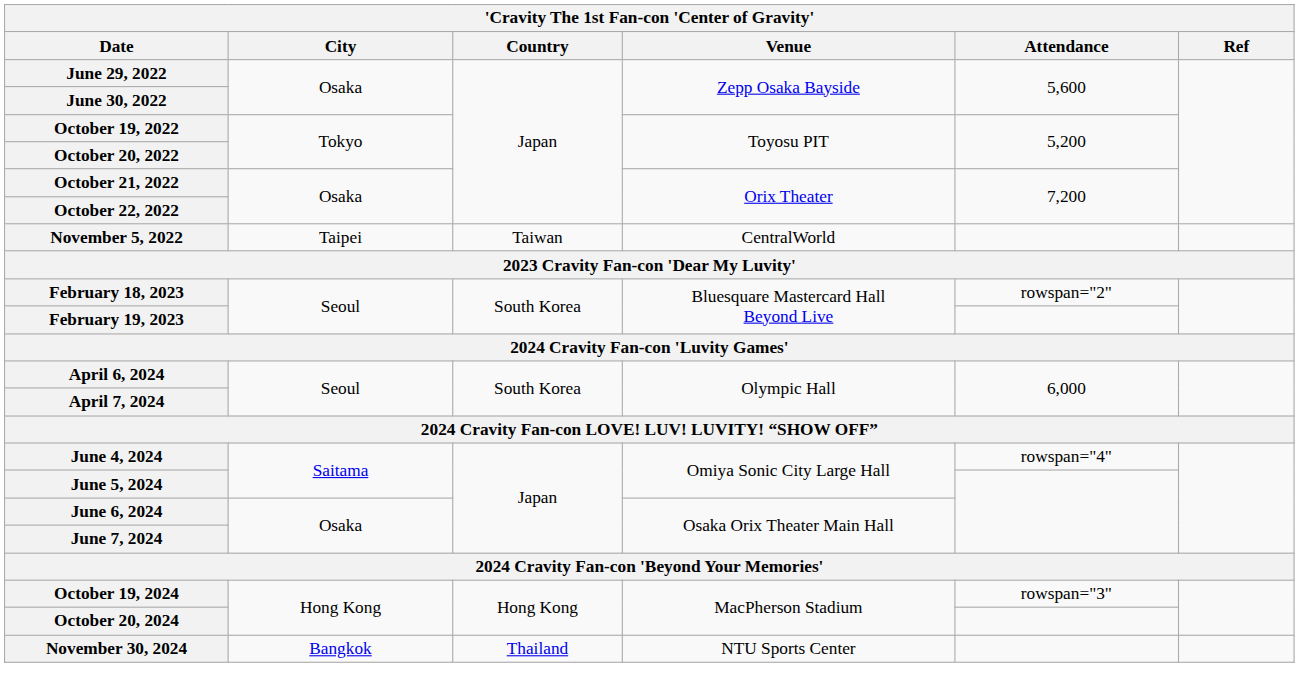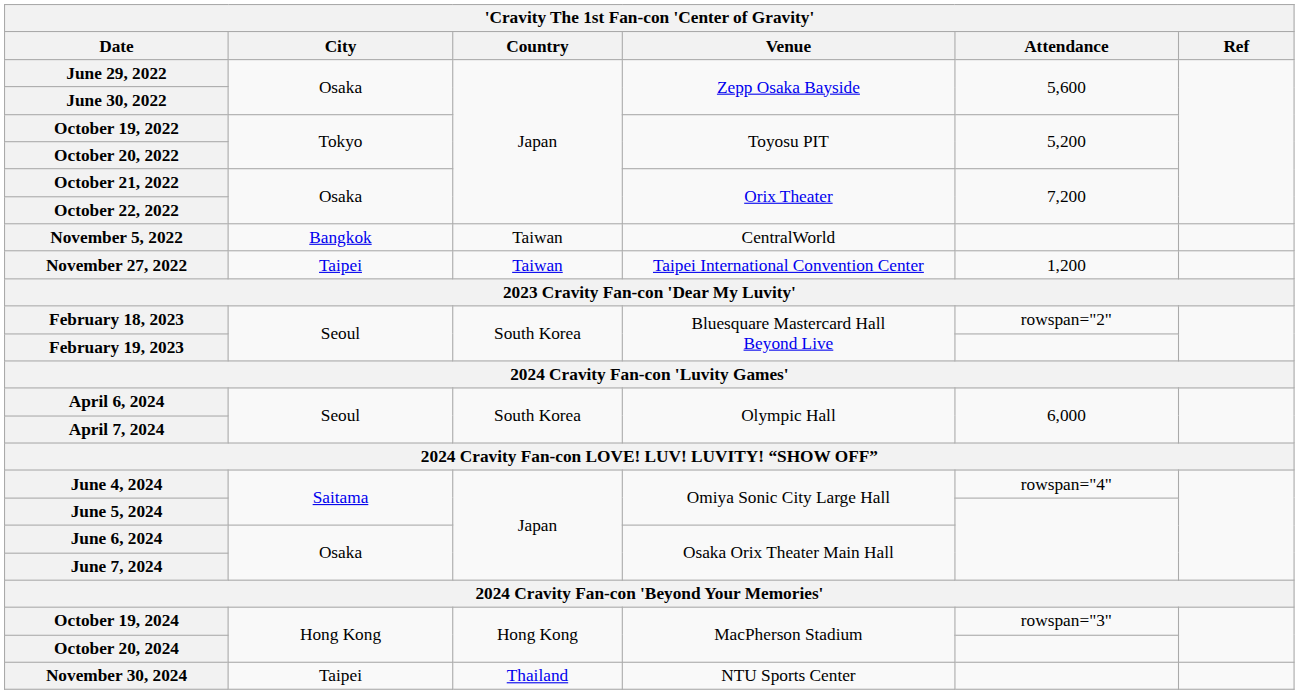 <table class="wikitable plainrowheaders" style="text-align:center">
 <tr>
 <th scope="col" colspan="6">'Cravity The 1st Fan-con 'Center of Gravity'</th>
 </tr>
 <tr>
 <th scope="col" width="200">Date</th>
 <th scope="col" width="200">City</th>
 <th scope="col" width="150">Country</th>
 <th scope="col" width="300">Venue</th>
 <th scope="col" width="200">Attendance</th>
 <th scope="col" width="100">Ref</th>
 </tr>
 <tr>
 <th scope="row" align="left">June 29, 2022</th>
 <td rowspan="2">Osaka</td>
 <td rowspan="6">Japan</td>
 <td rowspan="2"><a href='#'>Zepp Osaka Bayside</a></td>
 <td rowspan="2">5,600</td>
 <td rowspan="6"></td>
 </tr>
 <tr>
 <th scope="row" align="left">June 30, 2022</th>
 </tr>
 <tr>
 <th scope="row" align="left">October 19, 2022</th>
 <td rowspan="2">Tokyo</td>
 <td rowspan="2">Toyosu PIT</td>
 <td rowspan="2">5,200</td>
 </tr>
 <tr>
 <th scope="row" align="left">October 20, 2022</th>
 </tr>
 <tr>
 <th scope="row" align="left">October 21, 2022</th>
 <td rowspan="2">Osaka</td>
 <td rowspan="2"><a href='#'>Orix Theater</a></td>
 <td rowspan="2">7,200</td>
 </tr>
 <tr>
 <th scope="row" align="left">October 22, 2022</th>
 </tr>
 <tr>
 <th scope="row" align="left">November 5, 2022</th>
-<td>Taipei</td>
+<td><a href='#'>Bangkok</a></td>
 <td>Taiwan</td>
 <td>CentralWorld</td>
 <td></td>
+<td></td>
+</tr>
+<tr>
+<th scope="row" align="left">November 27, 2022</th>
+<td><a href='#'>Taipei</a></td>
+<td><a href='#'>Taiwan</a></td>
+<td><a href='#'>Taipei International Convention Center</a></td>
+<td>1,200</td>
 <td></td>
 </tr>
 <tr>
 <th scope="col" colspan="6">2023 Cravity Fan-con 'Dear My Luvity'</th>
 </tr>
 <tr>
 <th scope="row" align="left">February 18, 2023</th>
 <td rowspan="2">Seoul</td>
 <td rowspan="2">South Korea</td>
 <td rowspan="2">Bluesquare Mastercard Hall<br><a href='#'>Beyond Live</a></td>
 <td>rowspan="2" </td>
 <td rowspan="2"></td>
 </tr>
 <tr>
 <th scope="row" align="left">February 19, 2023</th>
 </tr>
 <tr>
 <th scope="col" colspan="6">2024 Cravity Fan-con 'Luvity Games'</th>
 </tr>
 <tr>
 <th scope="row" align="left">April 6, 2024</th>
 <td rowspan="2">Seoul</td>
 <td rowspan="2">South Korea</td>
 <td rowspan="2">Olympic Hall</td>
 <td rowspan="2">6,000</td>
 <td rowspan="2"></td>
 </tr>
 <tr>
 <th scope="row" align="left">April 7, 2024</th>
 </tr>
 <tr>
 <th scope="col" colspan="6">2024 Cravity Fan-con LOVE! LUV! LUVITY! “SHOW OFF”</th>
 </tr>
 <tr>
 <th scope="row" align="left">June 4, 2024</th>
 <td rowspan="2"><a href='#'>Saitama</a></td>
 <td rowspan="4">Japan</td>
 <td rowspan="2">Omiya Sonic City Large Hall</td>
 <td>rowspan="4" </td>
 <td rowspan="4"></td>
 </tr>
 <tr>
 <th scope="row" align="left">June 5, 2024</th>
 </tr>
 <tr>
 <th scope="row" align="left">June 6, 2024</th>
 <td rowspan="2">Osaka</td>
 <td rowspan="2">Osaka Orix Theater Main Hall</td>
 </tr>
 <tr>
 <th scope="row" align="left">June 7, 2024</th>
 </tr>
 <tr>
 <th scope="col" colspan="6">2024 Cravity Fan-con 'Beyond Your Memories'</th>
 </tr>
 <tr>
 <th scope="row" align="left">October 19, 2024</th>
 <td rowspan="2">Hong Kong</td>
 <td rowspan="2">Hong Kong</td>
 <td rowspan="2">MacPherson Stadium</td>
 <td>rowspan="3" </td>
 <td rowspan="2"></td>
 </tr>
 <tr>
 <th scope="row" align="left">October 20, 2024</th>
 </tr>
 <tr>
 <th scope="row" align="left">November 30, 2024</th>
-<td><a href='#'>Bangkok</a></td>
+<td>Taipei</td>
 <td><a href='#'>Thailand</a></td>
 <td>NTU Sports Center</td>
 <td></td>
 </tr>
 </table>
